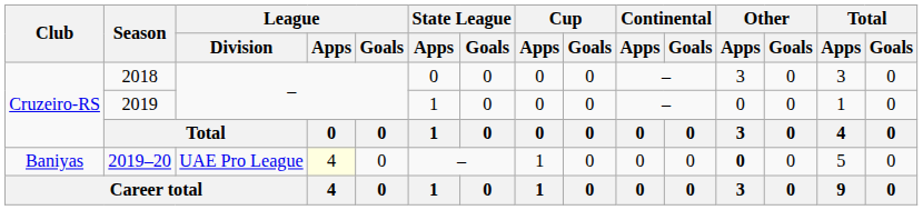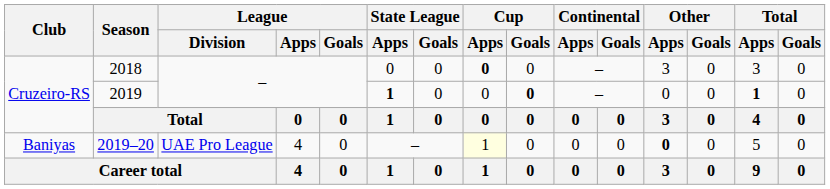 <table class="wikitable" style="text-align: center">
 <tr>
 <th rowspan="2">Club</th>
 <th rowspan="2">Season</th>
 <th colspan="3">League</th>
 <th colspan="2">State League</th>
 <th colspan="2">Cup</th>
 <th colspan="2">Continental</th>
 <th colspan="2">Other</th>
 <th colspan="2">Total</th>
 </tr>
 <tr>
 <th>Division</th>
 <th>Apps</th>
 <th>Goals</th>
 <th>Apps</th>
 <th>Goals</th>
 <th>Apps</th>
 <th>Goals</th>
 <th>Apps</th>
 <th>Goals</th>
 <th>Apps</th>
 <th>Goals</th>
 <th>Apps</th>
 <th>Goals</th>
 </tr>
 <tr>
 <td rowspan="3"><a href='#'>Cruzeiro-RS</a></td>
 <td>2018</td>
 <td rowspan="2" colspan="3">–</td>
 <td>0</td>
 <td>0</td>
-<td>0</td>
+<td><strong>0</strong></td>
 <td>0</td>
 <td colspan="2">–</td>
 <td>3</td>
 <td>0</td>
 <td>3</td>
 <td>0</td>
 </tr>
 <tr>
 <td>2019</td>
-<td>1</td>
+<td><strong>1</strong></td>
 <td>0</td>
 <td>0</td>
-<td>0</td>
+<td><strong>0</strong></td>
 <td colspan="2">–</td>
 <td>0</td>
 <td>0</td>
-<td>1</td>
+<td><strong>1</strong></td>
 <td>0</td>
 </tr>
 <tr>
 <th colspan="2"><strong>Total</strong></th>
 <th>0</th>
 <th>0</th>
 <th>1</th>
 <th>0</th>
 <th>0</th>
 <th>0</th>
 <th>0</th>
 <th>0</th>
 <th>3</th>
 <th>0</th>
 <th>4</th>
 <th>0</th>
 </tr>
 <tr>
 <td><a href='#'>Baniyas</a></td>
 <td><a href='#'>2019–20</a></td>
 <td><a href='#'>UAE Pro League</a></td>
-<td style="background: lightyellow;">4</td>
+<td>4</td>
 <td>0</td>
 <td colspan="2">–</td>
-<td>1</td>
+<td style="background: lightyellow;">1</td>
 <td>0</td>
 <td>0</td>
 <td>0</td>
 <td><strong>0</strong></td>
 <td>0</td>
 <td>5</td>
 <td>0</td>
 </tr>
 <tr>
 <th colspan="3"><strong>Career total</strong></th>
 <th>4</th>
 <th>0</th>
 <th>1</th>
 <th>0</th>
 <th>1</th>
 <th>0</th>
 <th>0</th>
 <th>0</th>
 <th>3</th>
 <th>0</th>
 <th>9</th>
 <th>0</th>
 </tr>
 </table>
